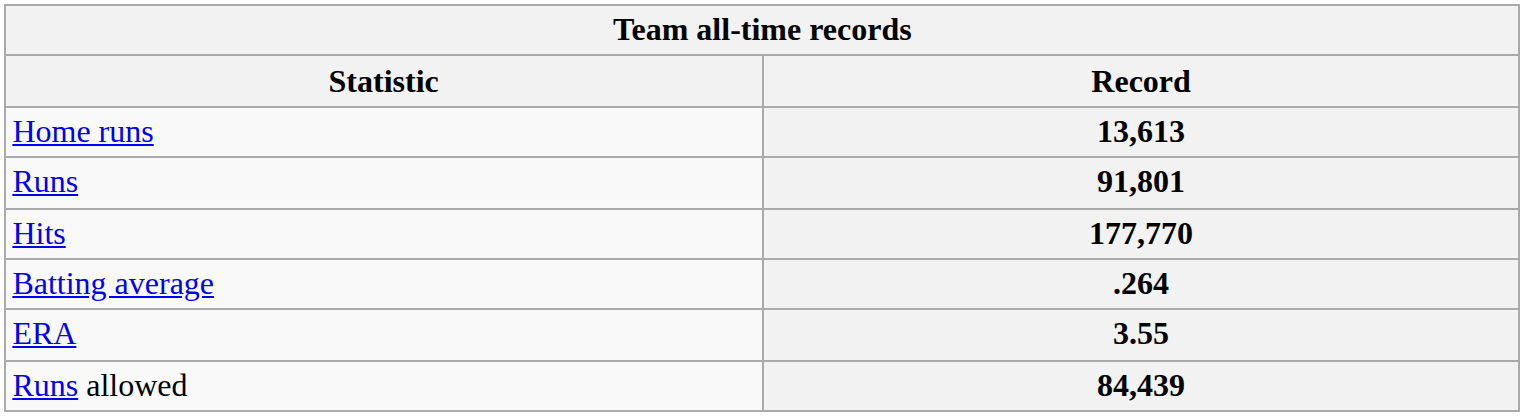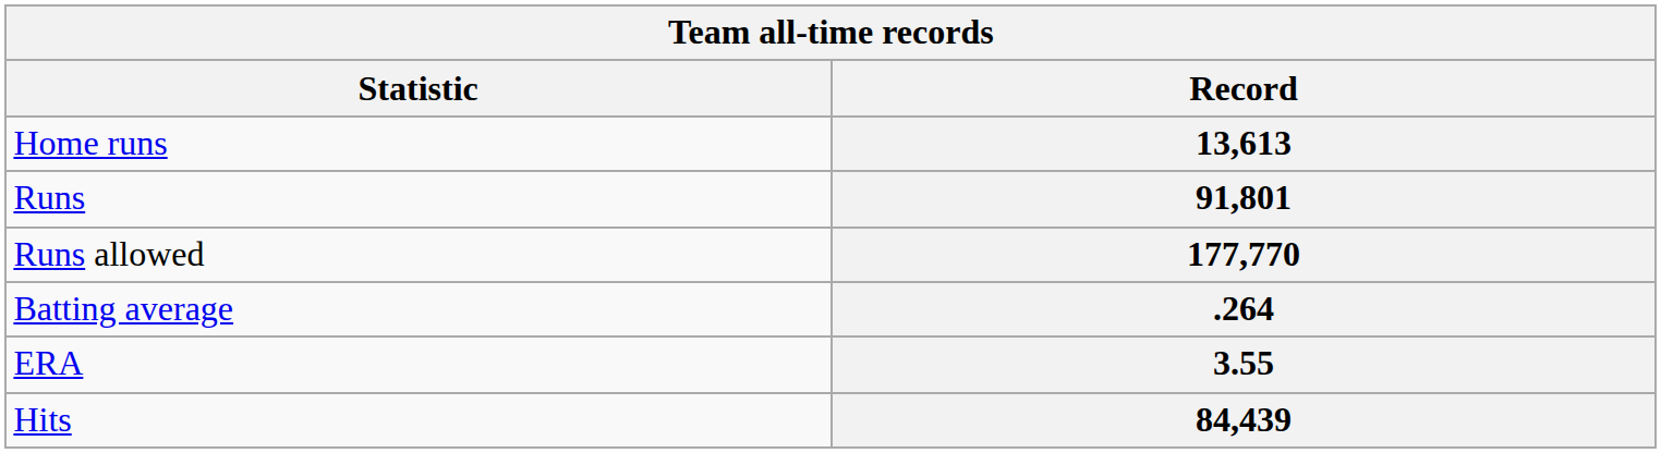 <table class="wikitable sortable" style="text-align:left" width="60%">
 <tr>
 <th colspan=5>Team all-time records</th>
 </tr>
 <tr>
 <th scope="col" width=10%>Statistic</th>
 <th scope="col" class="unsortable" width=10%>Record</th>
 </tr>
 <tr>
 <td><a href='#'>Home runs</a></td>
 <th scope="row">13,613</th>
 </tr>
 <tr>
 <td><a href='#'>Runs</a></td>
 <th scope="row">91,801</th>
 </tr>
 <tr>
-<td><a href='#'>Hits</a></td>
+<td><a href='#'>Runs</a> allowed</td>
 <th scope="row">177,770</th>
 </tr>
 <tr>
 <td><a href='#'>Batting average</a></td>
 <th scope="row">.264</th>
 </tr>
 <tr>
 <td><a href='#'>ERA</a></td>
 <th scope="row">3.55</th>
 </tr>
 <tr>
-<td><a href='#'>Runs</a> allowed</td>
+<td><a href='#'>Hits</a></td>
 <th scope="row">84,439</th>
 </tr>
 <tr>
 </tr>
 </table>
